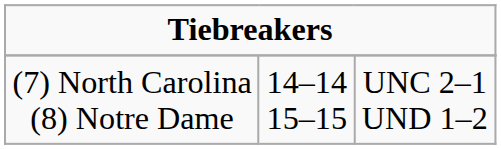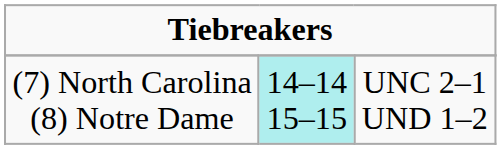 <table class="wikitable" style="display: inline-table;">
 <tr>
 <td align="center" Colspan="3"><strong>Tiebreakers</strong></td>
 </tr>
 <tr align="center">
 </tr>
 <tr align="center">
 <td>(7) North Carolina<br>(8) Notre Dame</td>
-<td>14–14<br>15–15</td>
+<td style="background: paleturquoise;">14–14<br>15–15</td>
 <td>UNC 2–1<br>UND 1–2</td>
 </tr>
 </table>
